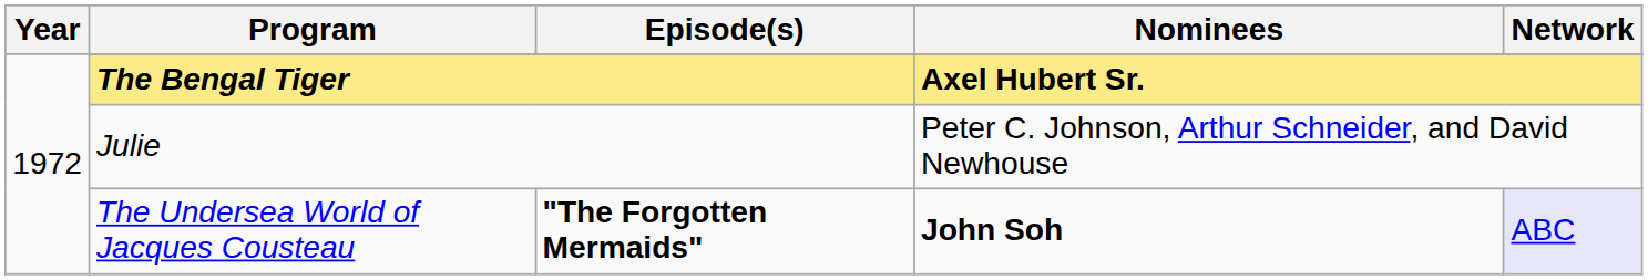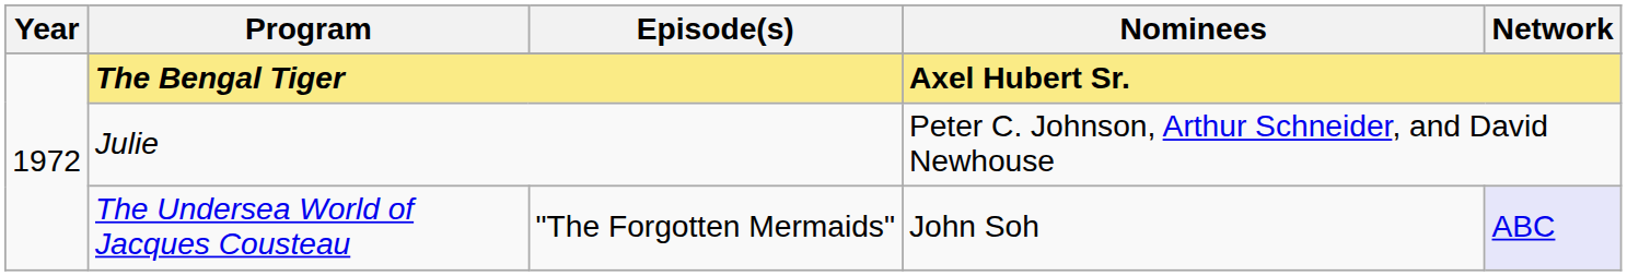 <table class="wikitable" style="width:95%">
 <tr bgcolor="#bebebe">
 <th width="5%">Year</th>
 <th width="30%">Program</th>
 <th width="25%">Episode(s)</th>
 <th width="40%">Nominees</th>
 <th width="10%">Network</th>
 </tr>
 <tr>
 <td rowspan=4 style="text-align:center">1972<br></td>
 </tr>
 <tr style="background:#FAEB86">
 <td colspan="2"><strong><em>The Bengal Tiger</em></strong></td>
 <td colspan="2"><strong>Axel Hubert Sr.</strong></td>
 </tr>
 <tr>
 <td colspan="2"><em>Julie</em></td>
 <td colspan="2">Peter C. Johnson, <a href='#'>Arthur Schneider</a>, and David Newhouse</td>
 </tr>
 <tr>
 <td><em><a href='#'>The Undersea World of Jacques Cousteau</a></em></td>
-<td><strong>"The Forgotten Mermaids"</strong></td>
-<td><strong>John Soh</strong></td>
+<td>"The Forgotten Mermaids"</td>
+<td>John Soh</td>
 <td style="background: lavender;"><a href='#'>ABC</a></td>
 </tr>
 </table>
